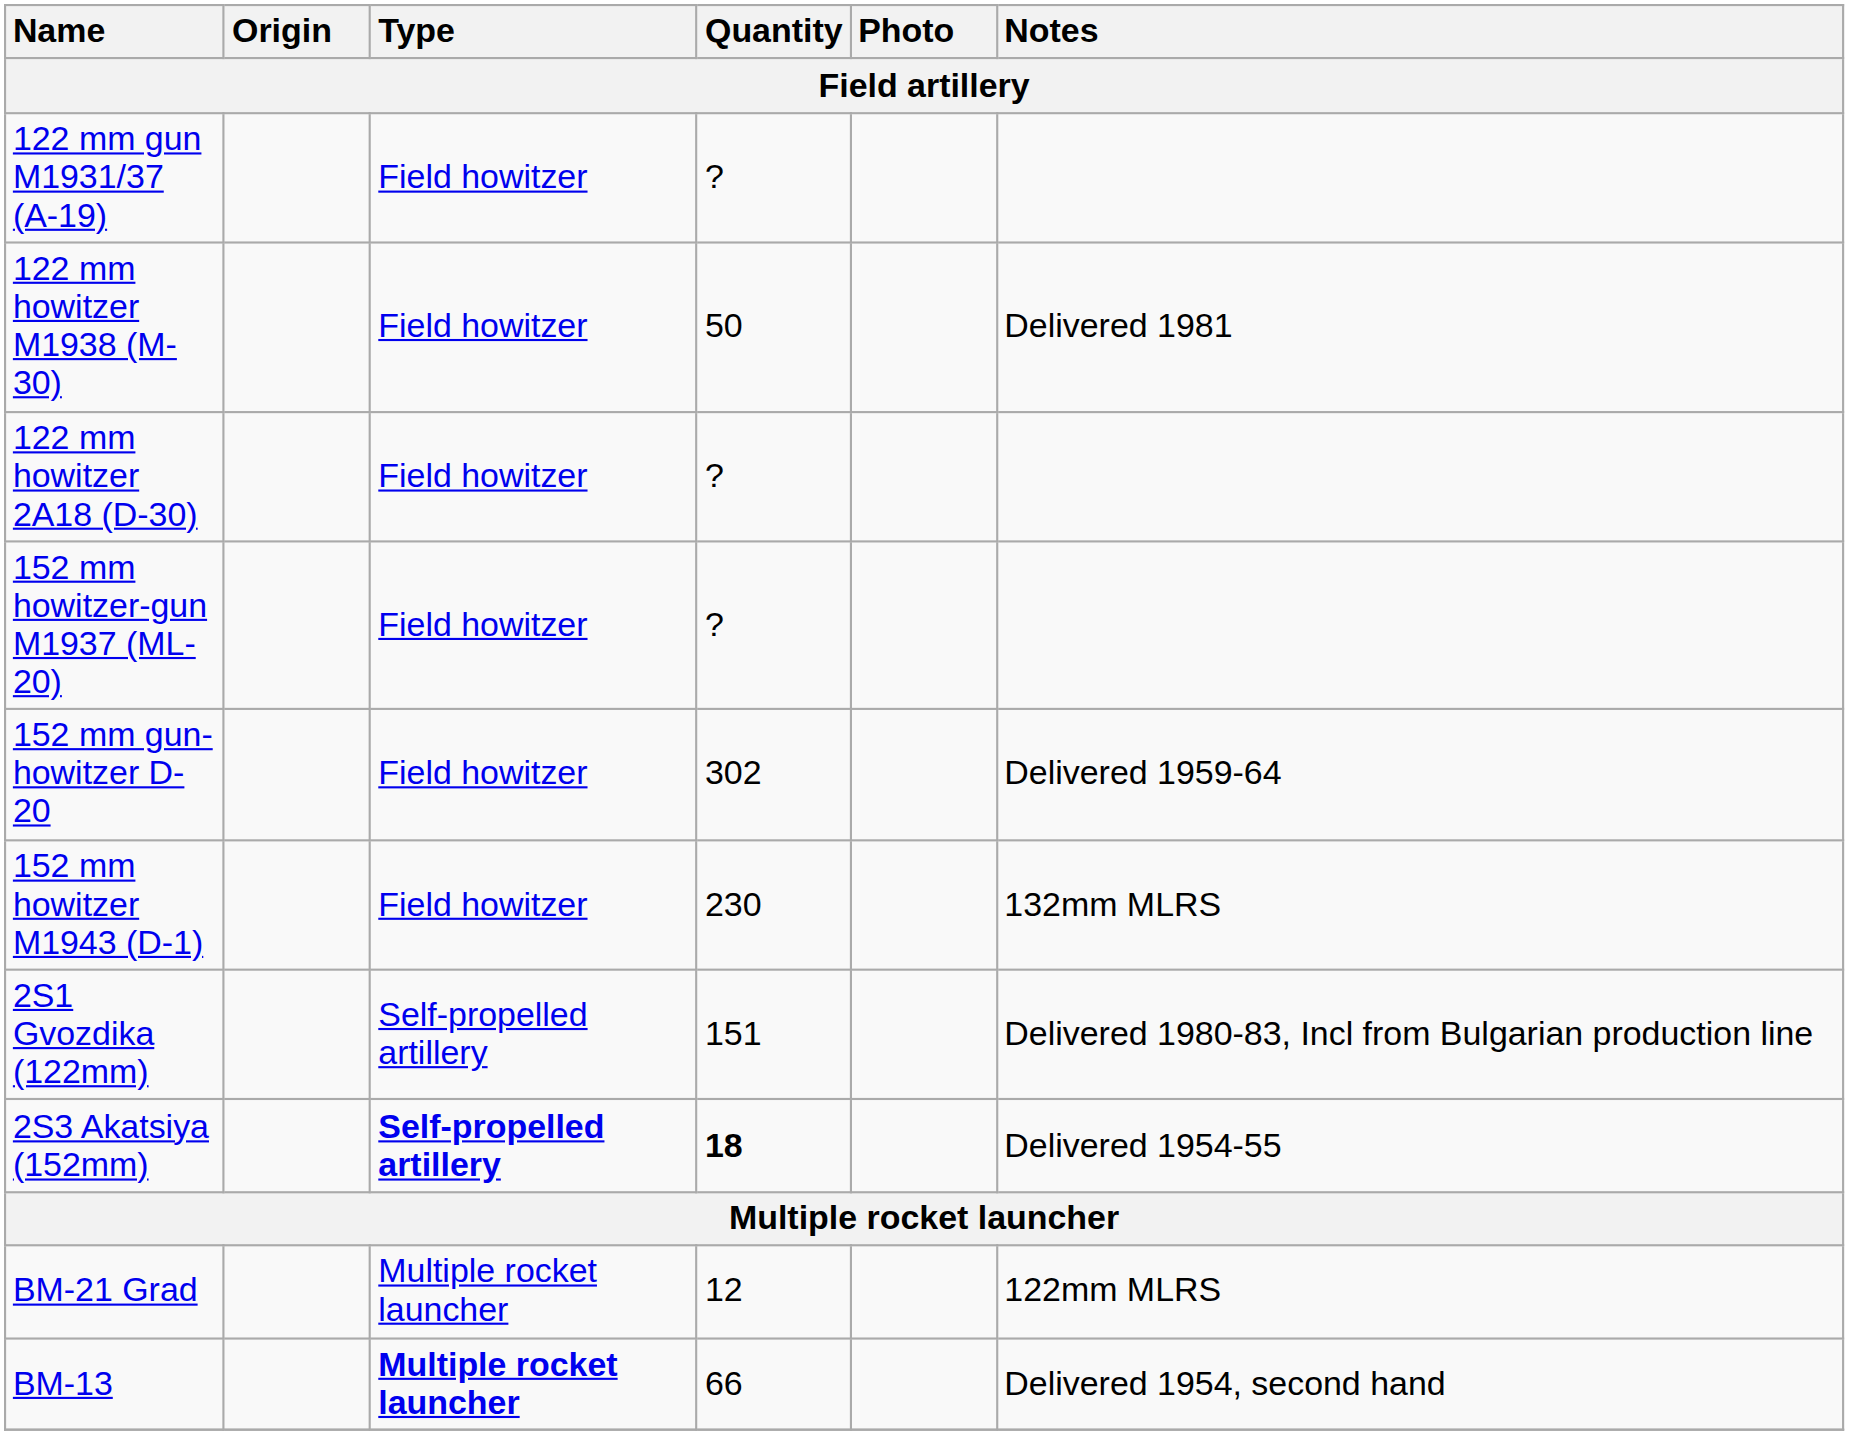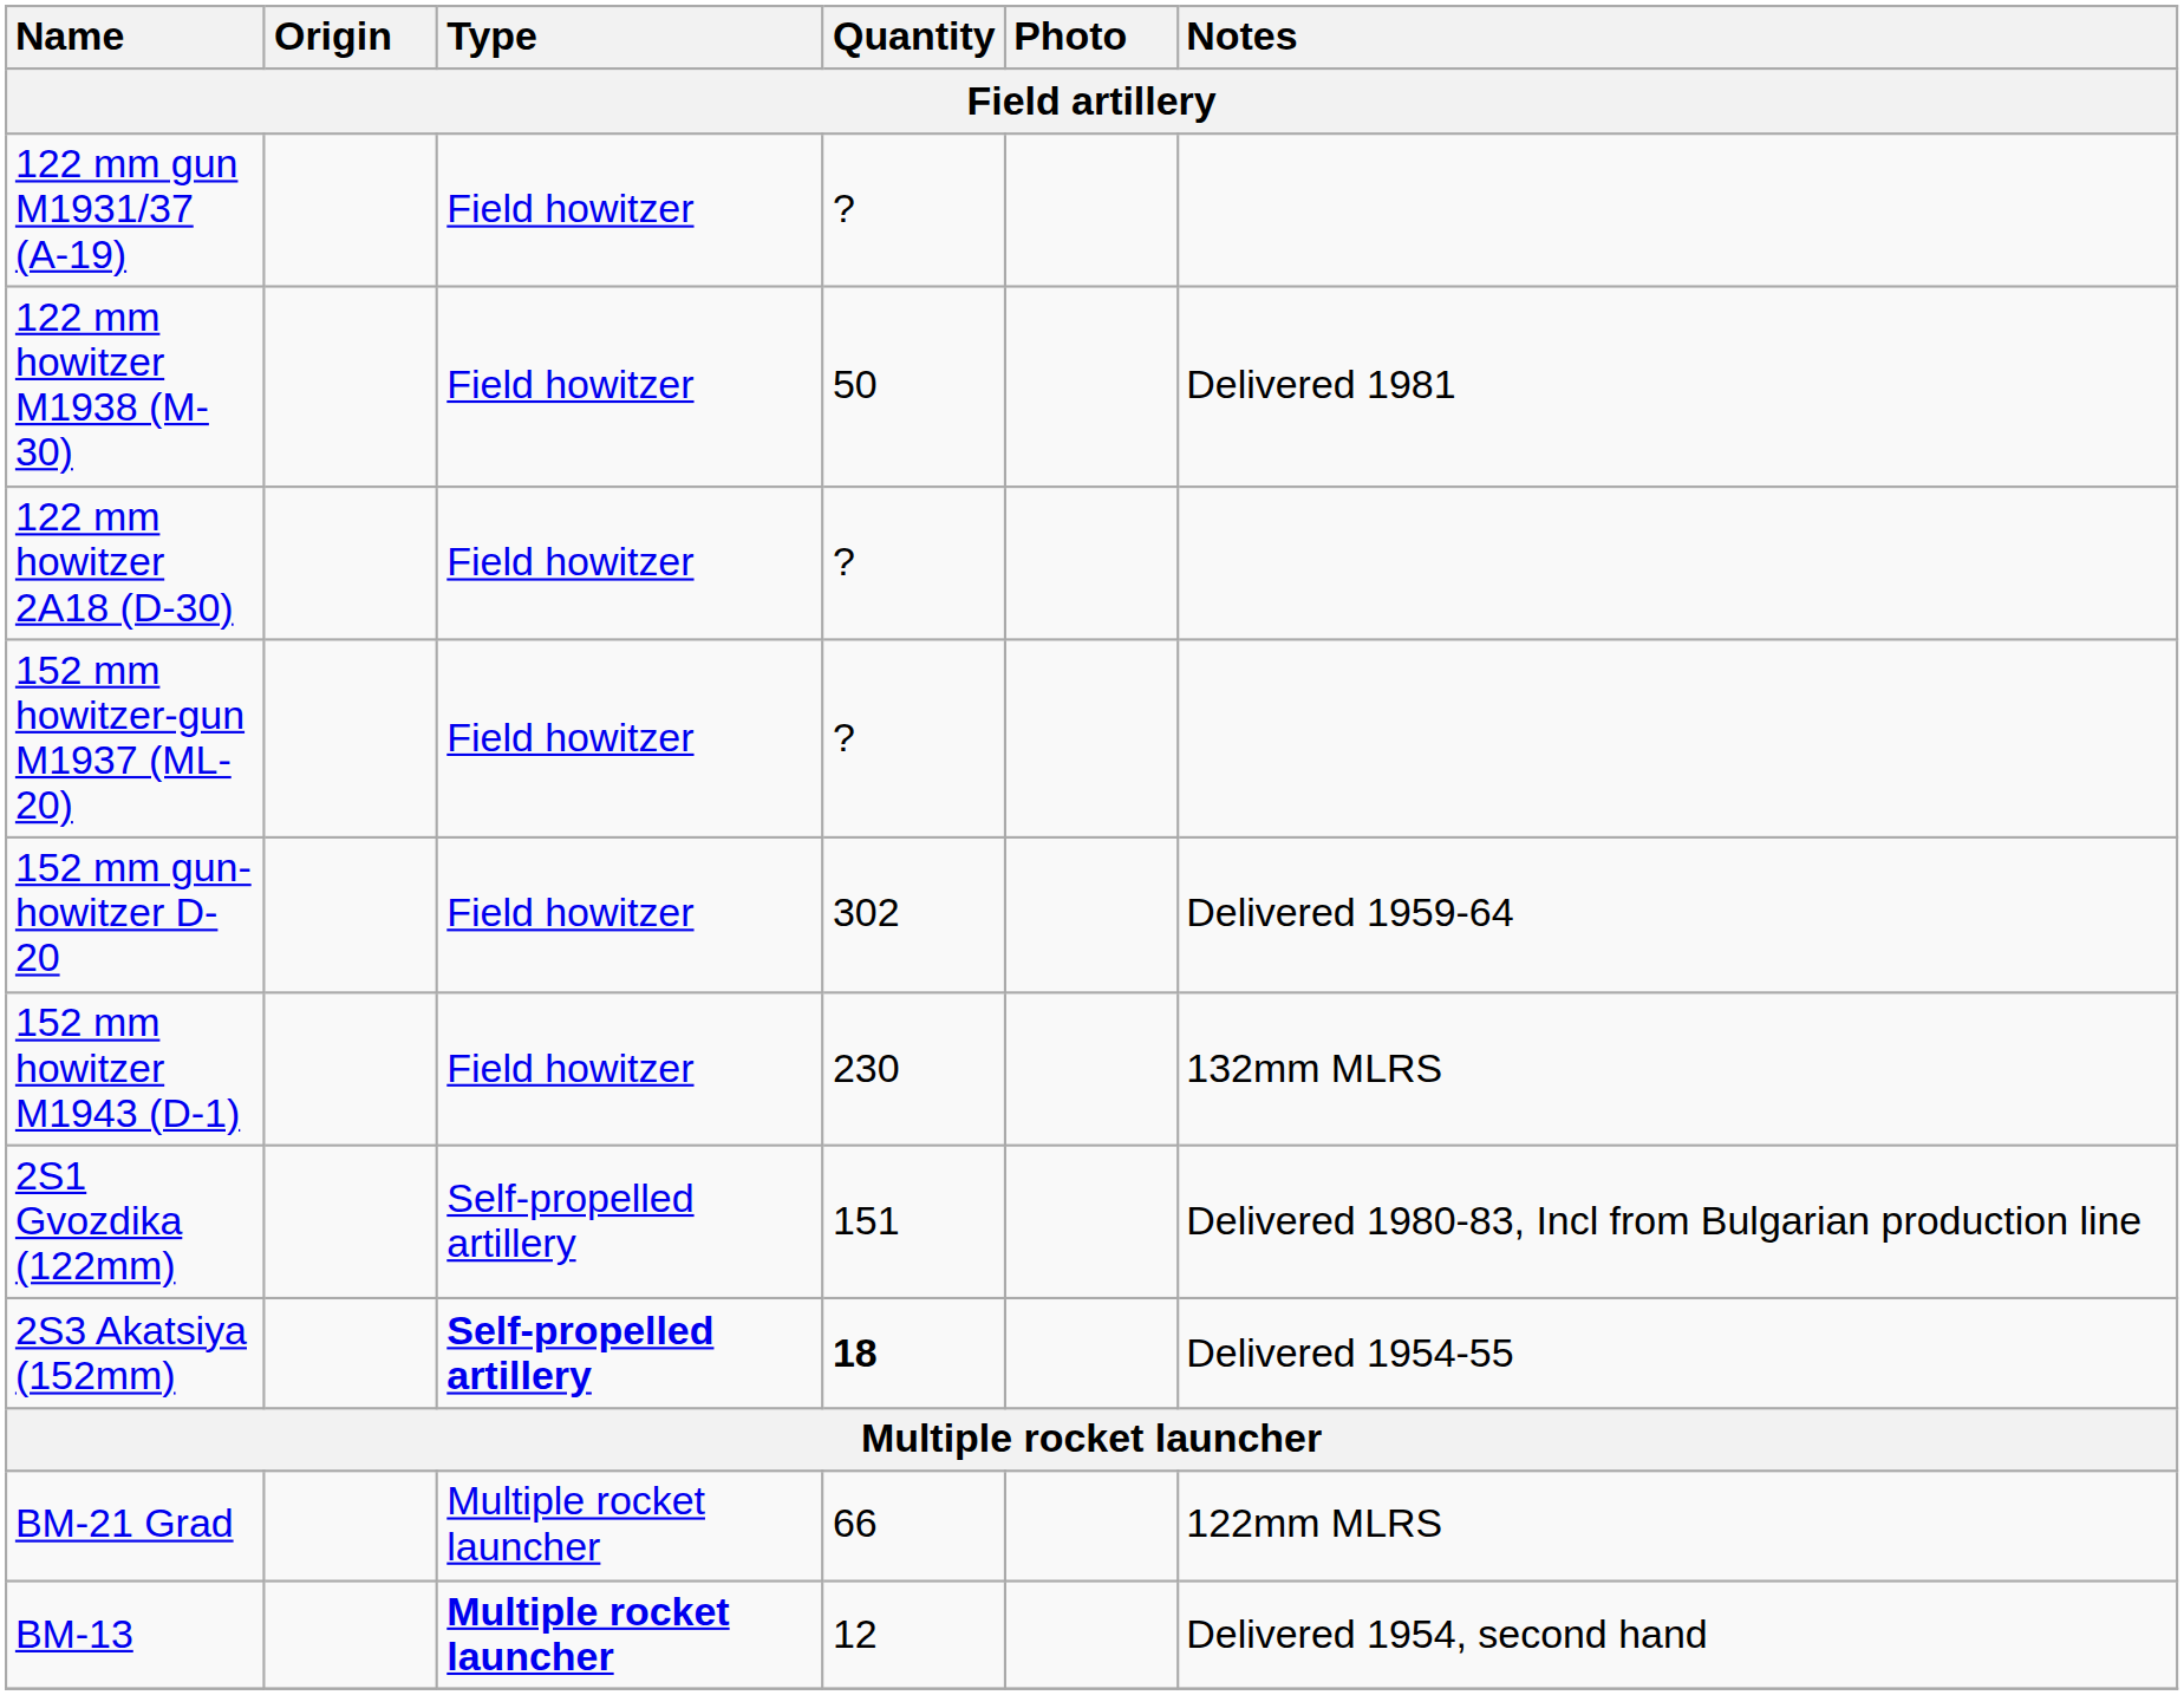 <table class="wikitable">
 <tr>
 <th style="text-align: left; width:12%;">Name</th>
 <th style="text-align: left; width:8%;">Origin</th>
 <th style="text-align: left; width:18%;">Type</th>
 <th style="text-align: left; width:7%;">Quantity</th>
 <th style="text-align: left;width:8%;">Photo</th>
 <th style="text-align: left;width:47%;">Notes</th>
 </tr>
 <tr>
 <th style="align: center;" colspan="7">Field artillery</th>
 </tr>
 <tr>
 <td><a href='#'>122 mm gun M1931/37 (A-19)</a></td>
 <td></td>
 <td><a href='#'>Field howitzer</a></td>
 <td>?</td>
 <td></td>
 <td></td>
 </tr>
 <tr>
 <td><a href='#'>122 mm howitzer M1938 (M-30)</a></td>
 <td></td>
 <td><a href='#'>Field howitzer</a></td>
 <td>50</td>
 <td></td>
 <td>Delivered 1981 </td>
 </tr>
 <tr>
 <td><a href='#'>122 mm howitzer 2A18 (D-30)</a></td>
 <td></td>
 <td><a href='#'>Field howitzer</a></td>
 <td>?</td>
 <td></td>
 <td></td>
 </tr>
 <tr>
 <td><a href='#'>152 mm howitzer-gun M1937 (ML-20)</a></td>
 <td></td>
 <td><a href='#'>Field howitzer</a></td>
 <td>?</td>
 <td></td>
 <td></td>
 </tr>
 <tr>
 <td><a href='#'>152 mm gun-howitzer D-20</a></td>
 <td></td>
 <td><a href='#'>Field howitzer</a></td>
 <td>302</td>
 <td></td>
 <td>Delivered 1959-64 </td>
 </tr>
 <tr>
 <td><a href='#'>152 mm howitzer M1943 (D-1)</a></td>
 <td></td>
 <td><a href='#'>Field howitzer</a></td>
 <td>230</td>
 <td></td>
 <td>132mm MLRS</td>
 </tr>
 <tr>
 <td><a href='#'>2S1 Gvozdika (122mm)</a></td>
 <td></td>
 <td><a href='#'>Self-propelled artillery</a></td>
 <td>151</td>
 <td></td>
 <td>Delivered 1980-83, Incl from Bulgarian production line</td>
 </tr>
 <tr>
 <td><a href='#'>2S3 Akatsiya (152mm)</a></td>
 <td></td>
 <td><strong><a href='#'>Self-propelled artillery</a></strong></td>
 <td><strong>18</strong></td>
 <td></td>
 <td>Delivered 1954-55</td>
 </tr>
 <tr>
 <th style="align: center;" colspan="7">Multiple rocket launcher</th>
 </tr>
 <tr>
 <td><a href='#'>BM-21 Grad</a></td>
 <td></td>
 <td><a href='#'>Multiple rocket launcher</a></td>
-<td>12</td>
+<td>66</td>
 <td></td>
 <td>122mm MLRS</td>
 </tr>
 <tr>
 <td><a href='#'>BM-13</a></td>
 <td></td>
 <td><strong><a href='#'>Multiple rocket launcher</a></strong></td>
-<td>66</td>
+<td>12</td>
 <td></td>
 <td>Delivered 1954, second hand </td>
 </tr>
 <tr>
 </tr>
 </table>
